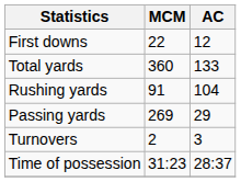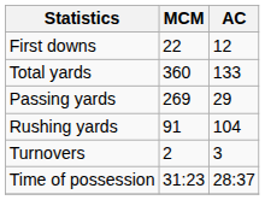 <table class="wikitable">
 <tr>
 <th>Statistics</th>
 <th>MCM</th>
 <th>AC</th>
 </tr>
 <tr>
 <td>First downs</td>
 <td>22</td>
 <td>12</td>
 </tr>
 <tr>
 <td>Total yards</td>
 <td>360</td>
 <td>133</td>
 </tr>
 <tr>
+<td>Passing yards</td>
+<td>269</td>
+<td>29</td>
+</tr>
+<tr>
 <td>Rushing yards</td>
 <td>91</td>
 <td>104</td>
-</tr>
-<tr>
-<td>Passing yards</td>
-<td>269</td>
-<td>29</td>
 </tr>
 <tr>
 <td>Turnovers</td>
 <td>2</td>
 <td>3</td>
 </tr>
 <tr>
 <td>Time of possession</td>
 <td>31:23</td>
 <td>28:37</td>
 </tr>
 <tr>
 </tr>
 </table>
